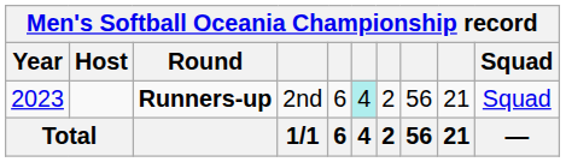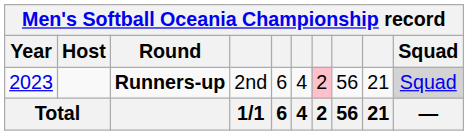 <table class="wikitable" style="text-align: center;font-size:100%;">
 <tr>
 <th colspan="11"><a href='#'>Men's Softball Oceania Championship</a> record</th>
 </tr>
 <tr>
 <th scope="col">Year</th>
 <th scope="col">Host</th>
 <th scope="col">Round</th>
 <th scope="col"></th>
 <th scope="col"></th>
 <th scope="col"></th>
 <th scope="col"></th>
 <th scope="col"></th>
 <th scope="col"></th>
 <th scope="col">Squad</th>
 </tr>
 <tr>
 <td><a href='#'>2023</a></td>
 <td align=left></td>
 <td><strong>Runners-up</strong></td>
 <td>2nd</td>
 <td>6</td>
-<td style="background: paleturquoise;">4</td>
-<td>2</td>
+<td>4</td>
+<td style="background: pink;">2</td>
 <td>56</td>
 <td>21</td>
-<td><a href='#'>Squad</a></td>
+<td style="background: lightgrey;"><a href='#'>Squad</a></td>
 </tr>
 <tr>
 <th colspan=2>Total</th>
 <th></th>
 <th>1/1</th>
 <th>6</th>
 <th>4</th>
 <th>2</th>
 <th>56</th>
 <th>21</th>
 <th>—</th>
 </tr>
 </table>
